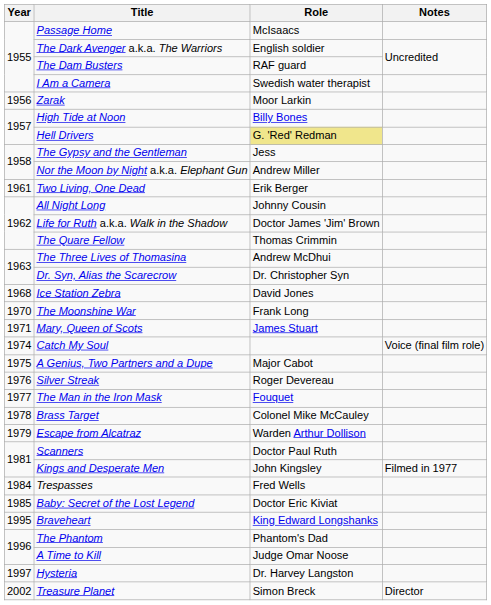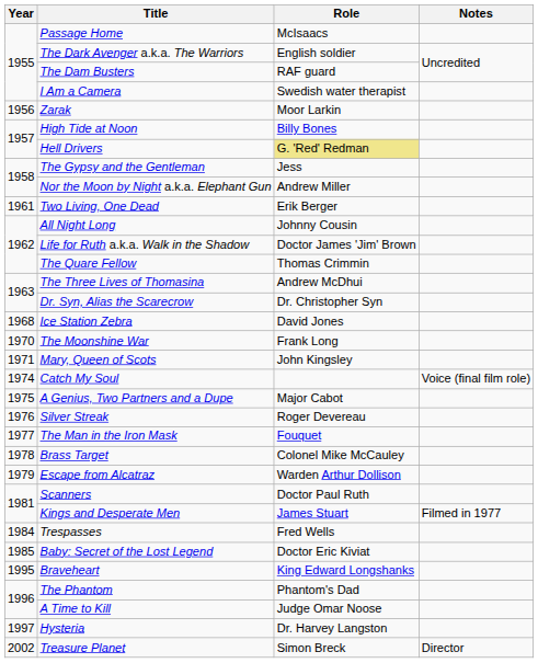 <table class="wikitable sortable">
 <tr>
 <th>Year</th>
 <th>Title</th>
 <th class="unsortable">Role</th>
 <th class="unsortable">Notes</th>
 </tr>
 <tr>
 <td rowspan="4">1955</td>
 <td><em><a href='#'>Passage Home</a></em></td>
 <td>McIsaacs</td>
 <td></td>
 </tr>
 <tr>
 <td><em><a href='#'>The Dark Avenger</a></em> a.k.a. <em>The Warriors</em></td>
 <td>English soldier</td>
 <td rowspan="2">Uncredited</td>
 </tr>
 <tr>
 <td><em><a href='#'>The Dam Busters</a></em></td>
 <td>RAF guard</td>
 </tr>
 <tr>
 <td><em><a href='#'>I Am a Camera</a></em></td>
 <td>Swedish water therapist</td>
 <td></td>
 </tr>
 <tr>
 <td>1956</td>
 <td><em><a href='#'>Zarak</a></em></td>
 <td>Moor Larkin</td>
 <td></td>
 </tr>
 <tr>
 <td rowspan="2">1957</td>
 <td><em><a href='#'>High Tide at Noon</a></em></td>
 <td><a href='#'>Billy Bones</a></td>
 <td></td>
 </tr>
 <tr>
 <td><em><a href='#'>Hell Drivers</a></em></td>
 <td style="background: khaki;">G. 'Red' Redman</td>
 <td></td>
 </tr>
 <tr>
 <td rowspan="2">1958</td>
 <td><em><a href='#'>The Gypsy and the Gentleman</a></em></td>
 <td>Jess</td>
 <td></td>
 </tr>
 <tr>
 <td><em><a href='#'>Nor the Moon by Night</a></em> a.k.a. <em>Elephant Gun</em></td>
 <td>Andrew Miller</td>
 <td></td>
 </tr>
 <tr>
 <td>1961</td>
 <td><em><a href='#'>Two Living, One Dead</a></em></td>
 <td>Erik Berger</td>
 <td></td>
 </tr>
 <tr>
 <td rowspan="3">1962</td>
 <td><em><a href='#'>All Night Long</a></em></td>
 <td>Johnny Cousin</td>
 <td></td>
 </tr>
 <tr>
 <td><em><a href='#'>Life for Ruth</a></em> a.k.a. <em>Walk in the Shadow</em></td>
 <td>Doctor James 'Jim' Brown</td>
 <td></td>
 </tr>
 <tr>
 <td><em><a href='#'>The Quare Fellow</a></em></td>
 <td>Thomas Crimmin</td>
 <td></td>
 </tr>
 <tr>
 <td rowspan="2">1963</td>
 <td><em><a href='#'>The Three Lives of Thomasina</a></em></td>
 <td>Andrew McDhui</td>
 <td></td>
 </tr>
 <tr>
 <td><em><a href='#'>Dr. Syn, Alias the Scarecrow</a></em></td>
 <td>Dr. Christopher Syn</td>
 <td></td>
 </tr>
 <tr>
 <td>1968</td>
 <td><em><a href='#'>Ice Station Zebra</a></em></td>
 <td>David Jones</td>
 <td></td>
 </tr>
 <tr>
 <td>1970</td>
 <td><em><a href='#'>The Moonshine War</a></em></td>
 <td>Frank Long</td>
 <td></td>
 </tr>
 <tr>
 <td>1971</td>
 <td><em><a href='#'>Mary, Queen of Scots</a></em></td>
-<td><a href='#'>James Stuart</a></td>
+<td>John Kingsley</td>
 <td></td>
 </tr>
 <tr>
 <td>1974</td>
 <td><em><a href='#'>Catch My Soul</a></em></td>
 <td></td>
 <td>Voice (final film role)</td>
 </tr>
 <tr>
 <td>1975</td>
 <td><em><a href='#'>A Genius, Two Partners and a Dupe</a></em></td>
 <td>Major Cabot</td>
 <td></td>
 </tr>
 <tr>
 <td>1976</td>
 <td><em><a href='#'>Silver Streak</a></em></td>
 <td>Roger Devereau</td>
 <td></td>
 </tr>
 <tr>
 <td>1977</td>
 <td><em><a href='#'>The Man in the Iron Mask</a></em></td>
 <td><a href='#'>Fouquet</a></td>
 <td></td>
 </tr>
 <tr>
 <td>1978</td>
 <td><em><a href='#'>Brass Target</a></em></td>
 <td>Colonel Mike McCauley</td>
 <td></td>
 </tr>
 <tr>
 <td>1979</td>
 <td><em><a href='#'>Escape from Alcatraz</a></em></td>
 <td>Warden <a href='#'>Arthur Dollison</a></td>
 <td></td>
 </tr>
 <tr>
 <td rowspan="2">1981</td>
 <td><em><a href='#'>Scanners</a></em></td>
 <td>Doctor Paul Ruth</td>
 <td></td>
 </tr>
 <tr>
 <td><em><a href='#'>Kings and Desperate Men</a></em></td>
-<td>John Kingsley</td>
+<td><a href='#'>James Stuart</a></td>
 <td>Filmed in 1977</td>
 </tr>
 <tr>
 <td>1984</td>
 <td><em>Trespasses</em></td>
 <td>Fred Wells</td>
 <td></td>
 </tr>
 <tr>
 <td>1985</td>
 <td><em><a href='#'>Baby: Secret of the Lost Legend</a></em></td>
 <td>Doctor Eric Kiviat</td>
 <td></td>
 </tr>
 <tr>
 <td>1995</td>
 <td><em><a href='#'>Braveheart</a></em></td>
 <td><a href='#'>King Edward Longshanks</a></td>
 <td></td>
 </tr>
 <tr>
 <td rowspan="2">1996</td>
 <td><em><a href='#'>The Phantom</a></em></td>
 <td>Phantom's Dad</td>
 <td></td>
 </tr>
 <tr>
 <td><em><a href='#'>A Time to Kill</a></em></td>
 <td>Judge Omar Noose</td>
 <td></td>
 </tr>
 <tr>
 <td>1997</td>
 <td><em><a href='#'>Hysteria</a></em></td>
 <td>Dr. Harvey Langston</td>
 <td></td>
 </tr>
 <tr>
 <td>2002</td>
 <td><em><a href='#'>Treasure Planet</a></em></td>
 <td>Simon Breck</td>
 <td>Director</td>
 </tr>
 </table>
